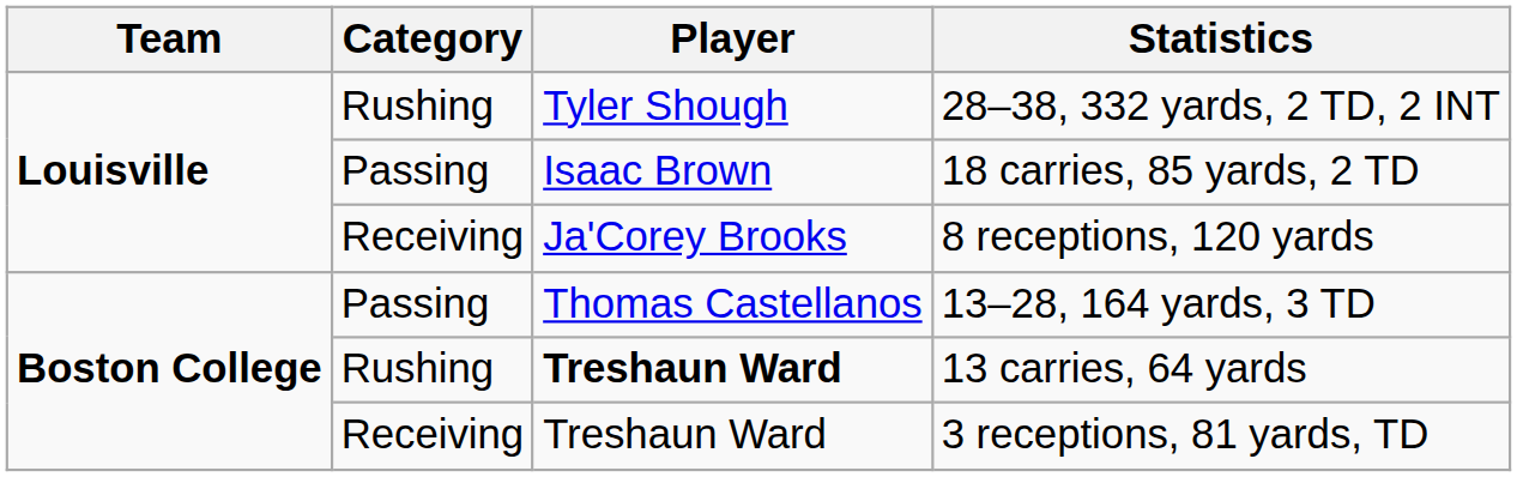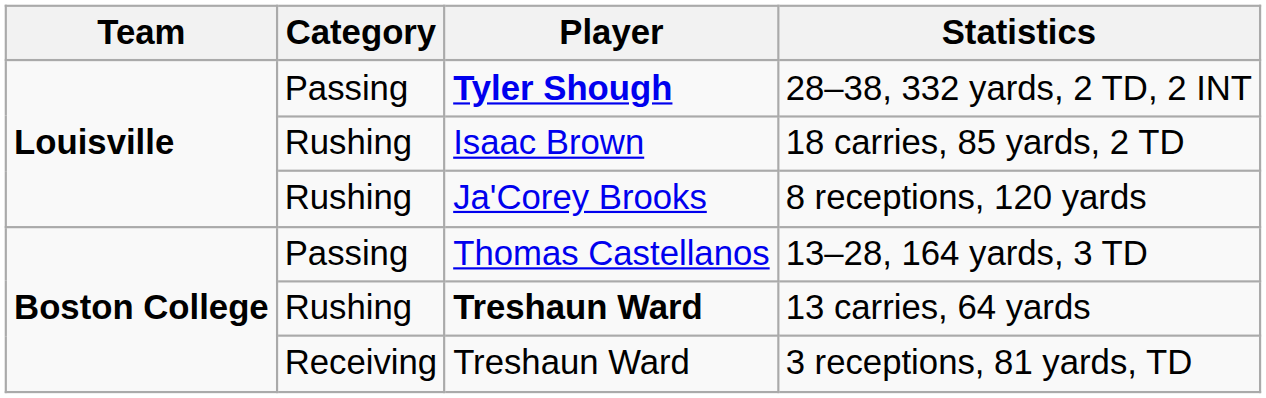 <table class="wikitable" style="float: right;">
 <tr>
 <th>Team</th>
 <th>Category</th>
 <th>Player</th>
 <th>Statistics</th>
 </tr>
 <tr>
 <td rowspan=3><strong>Louisville</strong></td>
-<td>Rushing</td>
-<td><a href='#'>Tyler Shough</a></td>
+<td>Passing</td>
+<td><strong><a href='#'>Tyler Shough</a></strong></td>
 <td>28–38, 332 yards, 2 TD, 2 INT</td>
 </tr>
 <tr>
-<td>Passing</td>
+<td>Rushing</td>
 <td><a href='#'>Isaac Brown</a></td>
 <td>18 carries, 85 yards, 2 TD</td>
 </tr>
 <tr>
-<td>Receiving</td>
+<td>Rushing</td>
 <td><a href='#'>Ja'Corey Brooks</a></td>
 <td>8 receptions, 120 yards</td>
 </tr>
 <tr>
 <td rowspan=3><strong>Boston College</strong></td>
 <td>Passing</td>
 <td><a href='#'>Thomas Castellanos</a></td>
 <td>13–28, 164 yards, 3 TD</td>
 </tr>
 <tr>
 <td>Rushing</td>
 <td><strong>Treshaun Ward</strong></td>
 <td>13 carries, 64 yards</td>
 </tr>
 <tr>
 <td>Receiving</td>
 <td>Treshaun Ward</td>
 <td>3 receptions, 81 yards, TD</td>
 </tr>
 </table>
